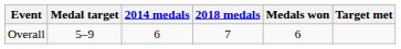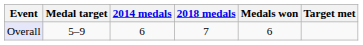 <table class="wikitable" style="text-align:center;">
 <tr>
 <th>Event</th>
 <th>Medal target</th>
 <th><a href='#'>2014 medals</a></th>
 <th><a href='#'>2018 medals</a></th>
 <th>Medals won</th>
 <th>Target met</th>
 </tr>
 <tr>
-<td>Overall</td>
+<td style="background: lavender;">Overall</td>
 <td>5–9</td>
 <td>6</td>
 <td>7</td>
 <td>6</td>
 <td></td>
 </tr>
 </table>
